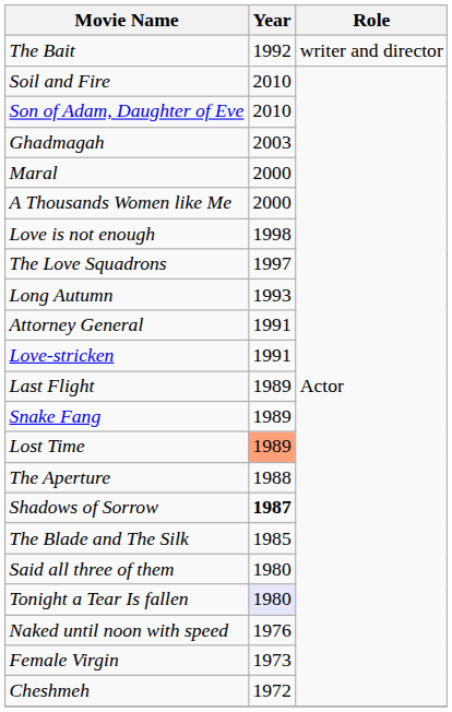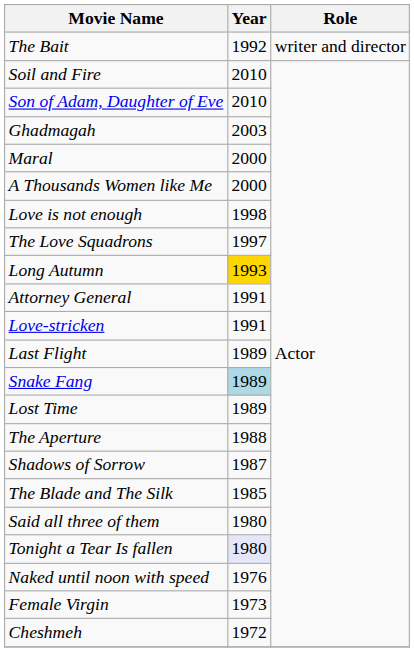 <table class="wikitable">
 <tr>
 <th>Movie Name</th>
 <th>Year</th>
 <th>Role</th>
 </tr>
 <tr>
 <td><em>The Bait</em></td>
 <td>1992</td>
 <td>writer and director</td>
 </tr>
 <tr>
 <td><em>Soil and Fire</em></td>
 <td>2010</td>
 <td rowspan="21">Actor</td>
 </tr>
 <tr>
 <td><em><a href='#'>Son of Adam, Daughter of Eve</a></em></td>
 <td>2010</td>
 </tr>
 <tr>
 <td><em>Ghadmagah</em></td>
 <td>2003</td>
 </tr>
 <tr>
 <td><em>Maral</em></td>
 <td>2000</td>
 </tr>
 <tr>
 <td><em>A Thousands Women like Me</em></td>
 <td>2000</td>
 </tr>
 <tr>
 <td><em>Love is not enough</em></td>
 <td>1998</td>
 </tr>
 <tr>
 <td><em>The Love Squadrons</em></td>
 <td>1997</td>
 </tr>
 <tr>
 <td><em>Long Autumn</em></td>
-<td>1993</td>
+<td style="background: gold;">1993</td>
 </tr>
 <tr>
 <td><em>Attorney General</em></td>
 <td>1991</td>
 </tr>
 <tr>
 <td><em><a href='#'>Love-stricken</a></em></td>
 <td>1991</td>
 </tr>
 <tr>
 <td><em>Last Flight</em></td>
 <td>1989</td>
 </tr>
 <tr>
 <td><em><a href='#'>Snake Fang</a></em></td>
-<td>1989</td>
+<td style="background: lightblue;">1989</td>
 </tr>
 <tr>
 <td><em>Lost Time</em></td>
-<td style="background: lightsalmon;">1989</td>
+<td>1989</td>
 </tr>
 <tr>
 <td><em>The Aperture</em></td>
 <td>1988</td>
 </tr>
 <tr>
 <td><em>Shadows of Sorrow</em></td>
-<td><strong>1987</strong></td>
+<td>1987</td>
 </tr>
 <tr>
 <td><em>The Blade and The Silk</em></td>
 <td>1985</td>
 </tr>
 <tr>
 <td><em>Said all three of them</em></td>
 <td>1980</td>
 </tr>
 <tr>
 <td><em>Tonight a Tear Is fallen</em></td>
 <td style="background: lavender;">1980</td>
 </tr>
 <tr>
 <td><em>Naked until noon with speed</em></td>
 <td>1976</td>
 </tr>
 <tr>
 <td><em>Female Virgin</em></td>
 <td>1973</td>
 </tr>
 <tr>
 <td><em>Cheshmeh</em></td>
 <td>1972</td>
 </tr>
 <tr>
 </tr>
 </table>
